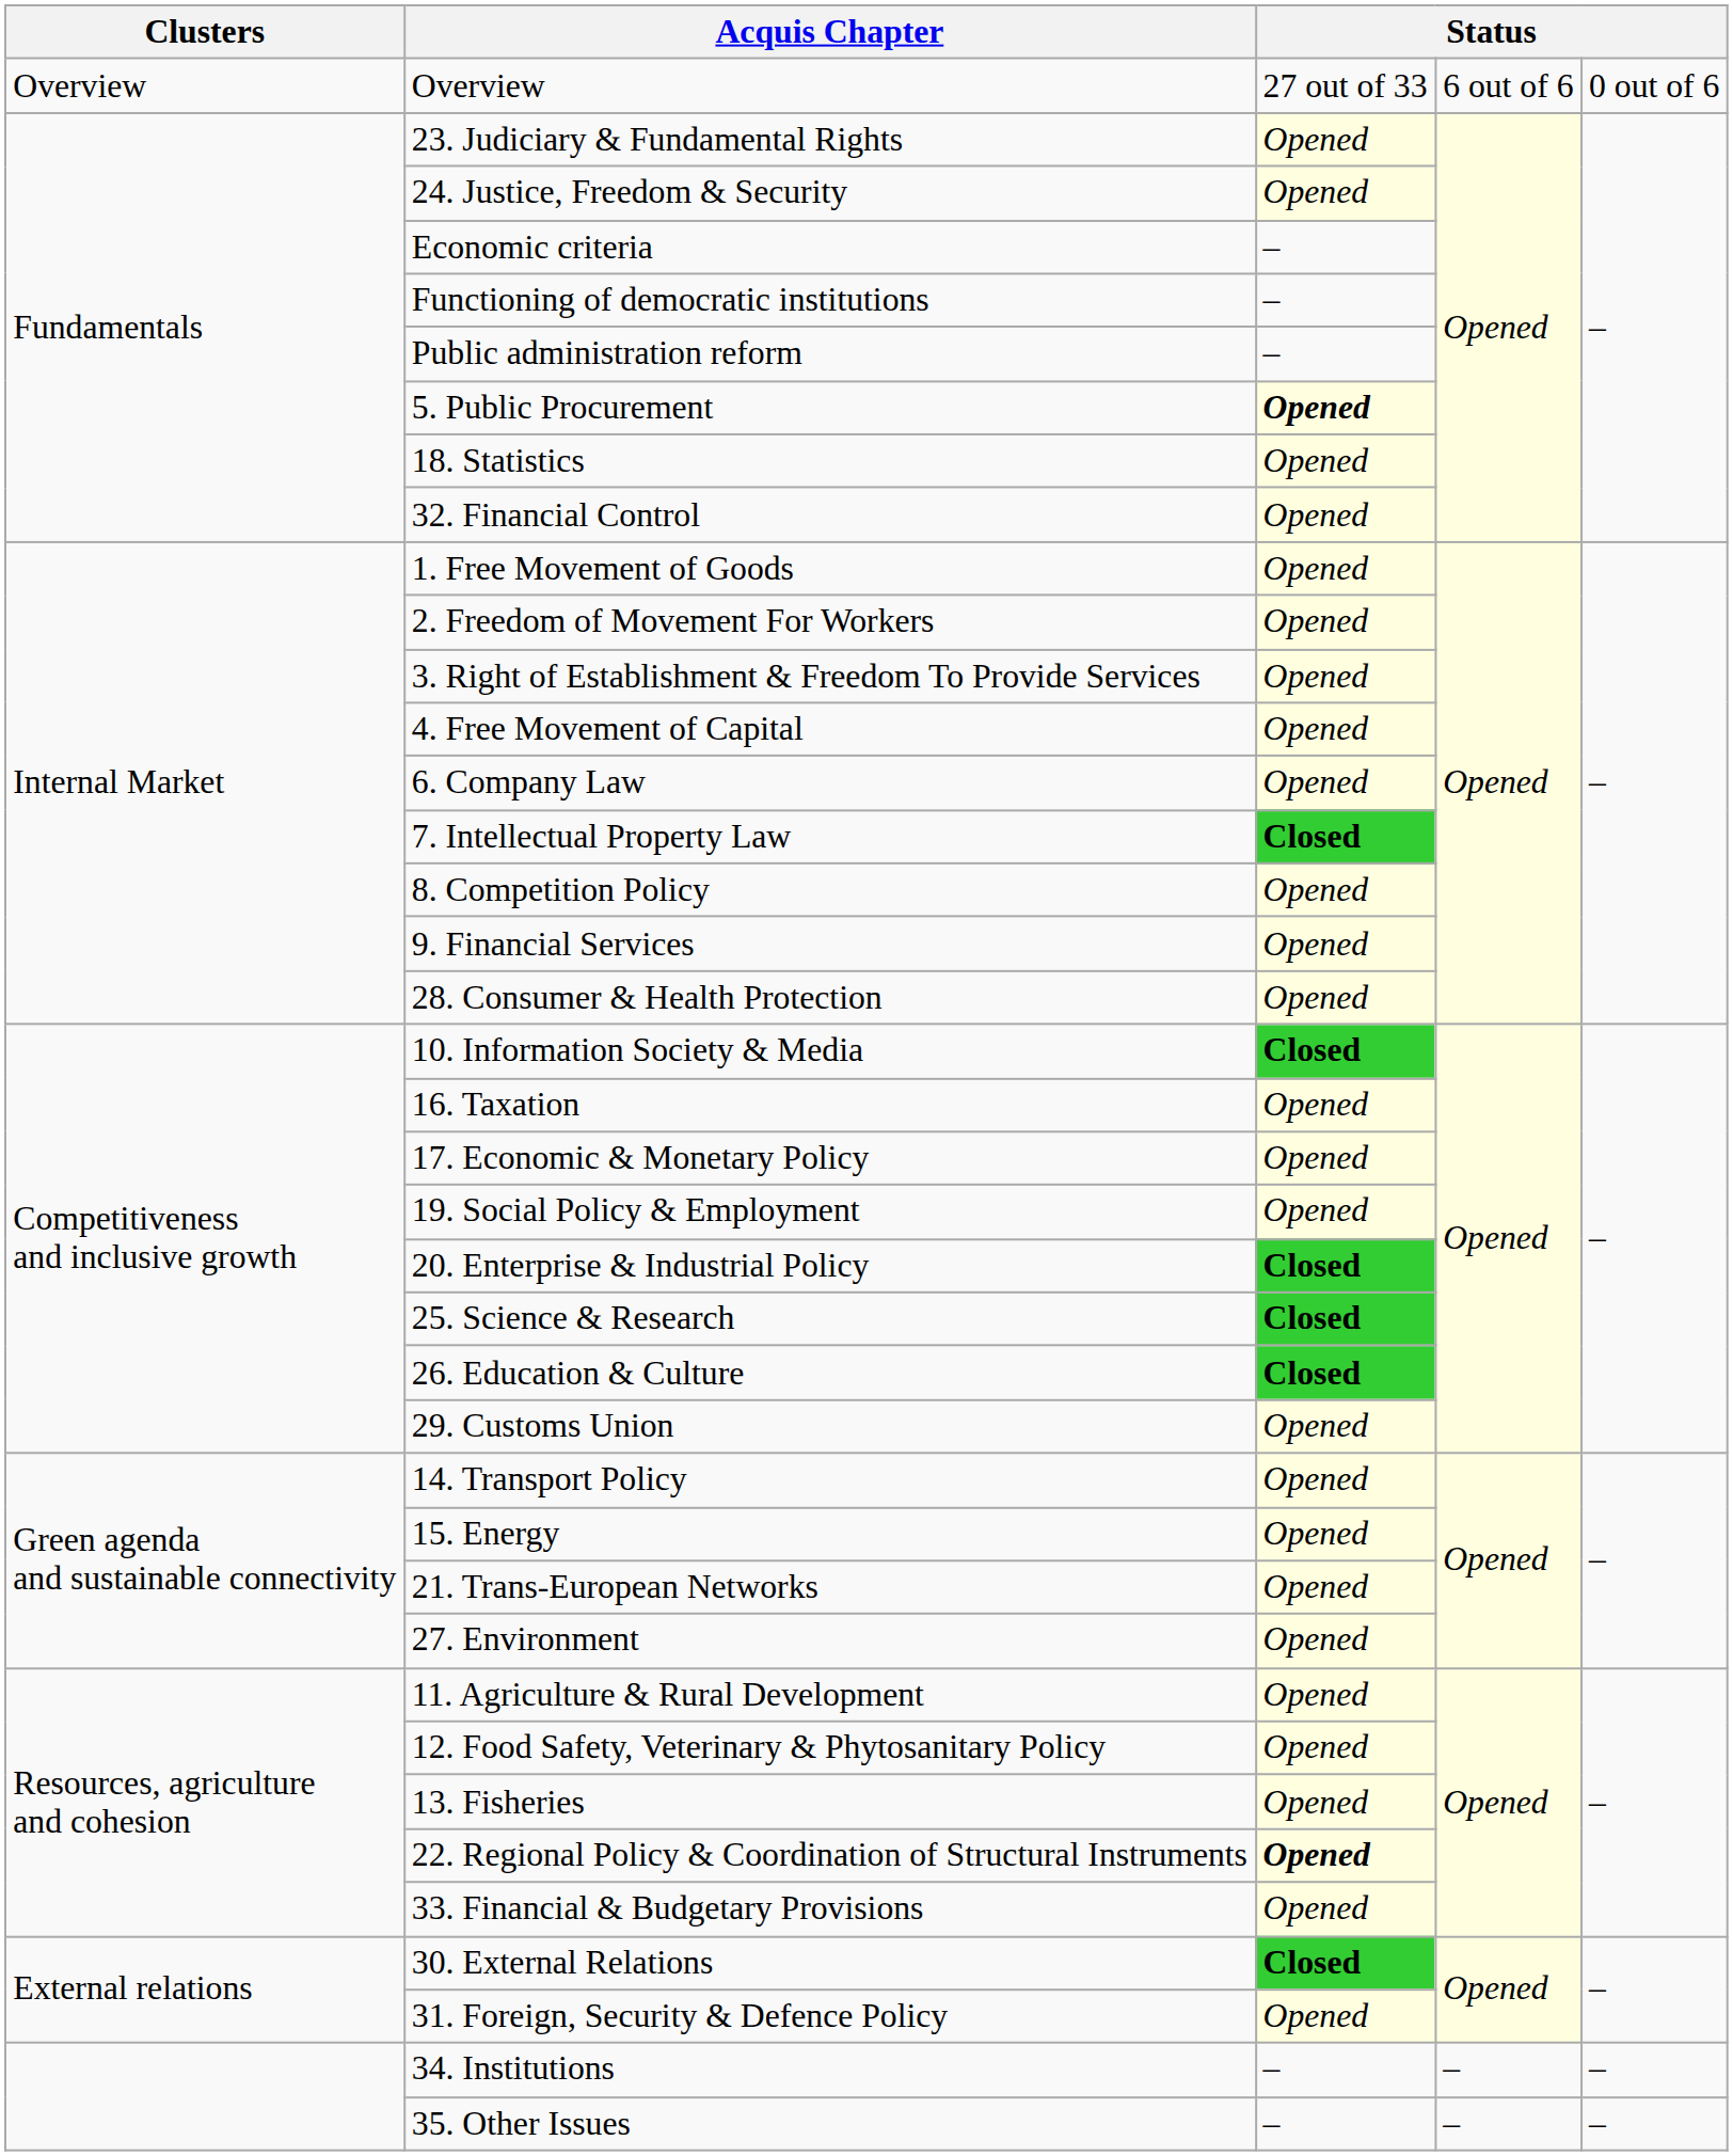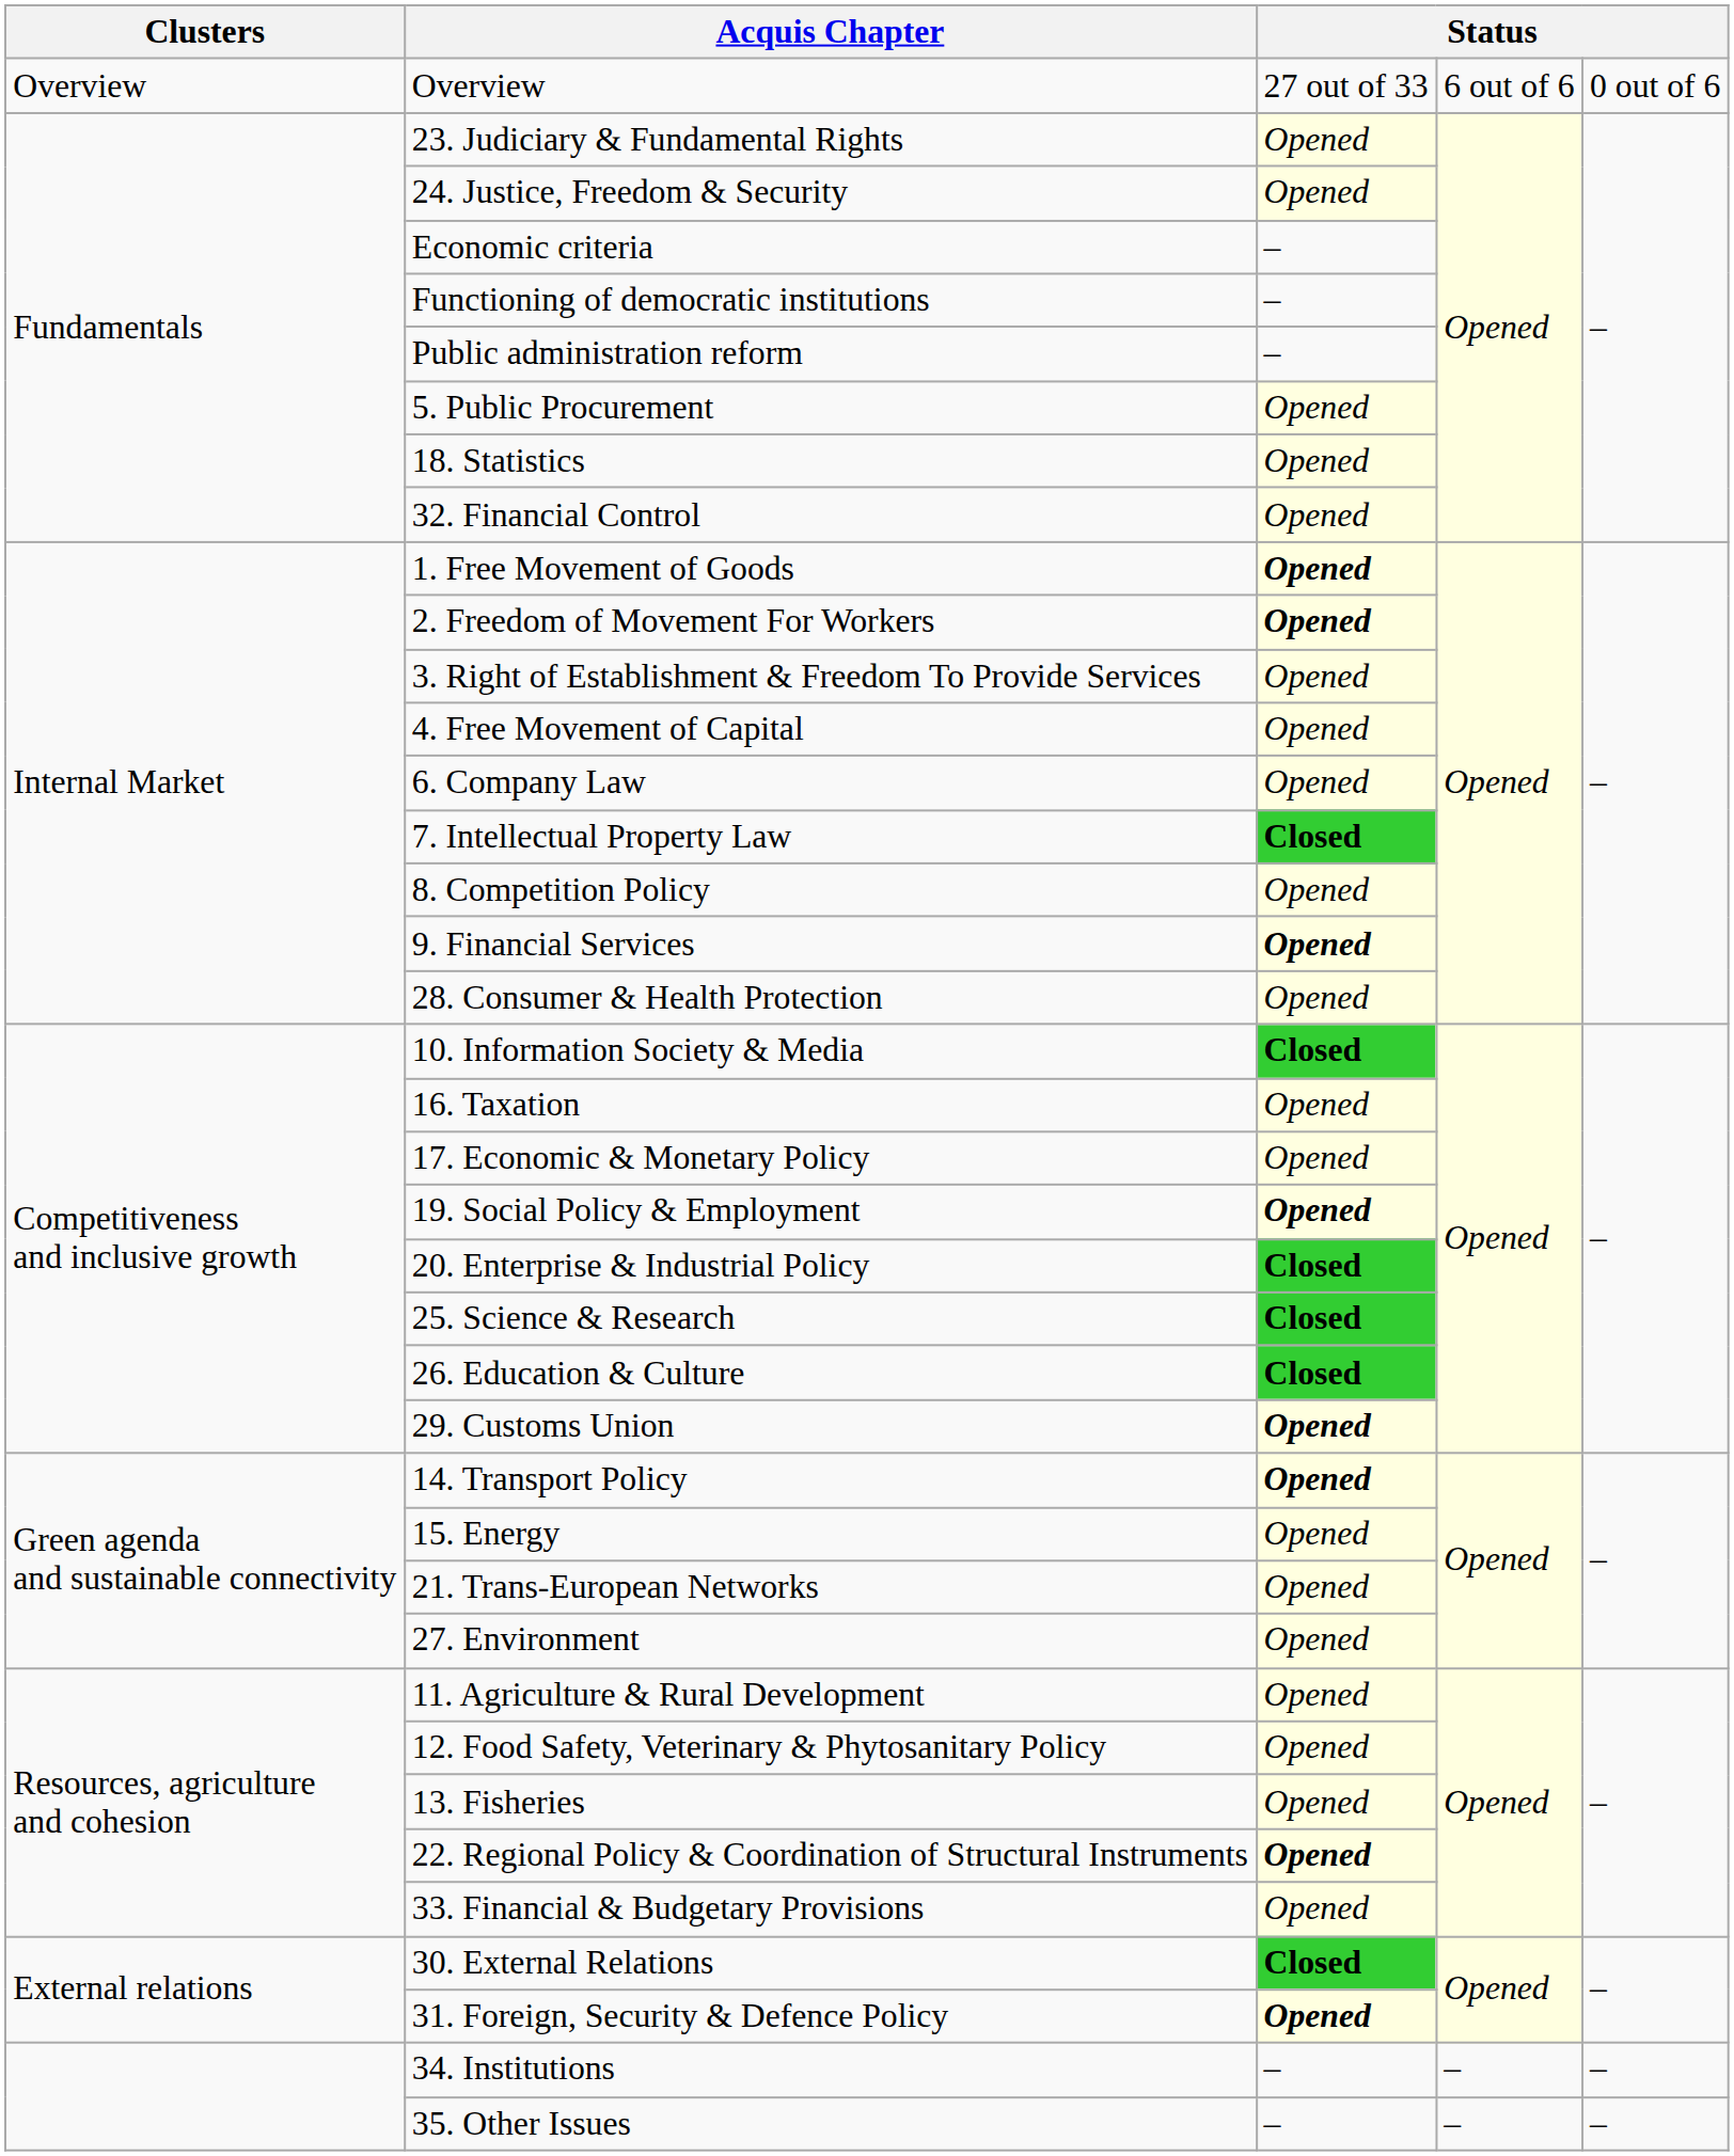 <table class="wikitable mw-collapsible mw-collapsed" style="text-align:left;">
 <tr>
 <th>Clusters</th>
 <th><a href='#'>Acquis Chapter</a></th>
 <th colspan="3">Status</th>
 </tr>
 <tr>
 <td>Overview</td>
 <td>Overview</td>
 <td>27 out of 33</td>
 <td>6 out of 6</td>
 <td>0 out of 6</td>
 </tr>
 <tr>
 <td rowspan="8">Fundamentals</td>
 <td style="text-align:left;">23. Judiciary & Fundamental Rights</td>
 <td style="background:#FFFFE0;"><em>Opened</em></td>
 <td rowspan="8" style="background:#FFFFE0; "><em>Opened</em></td>
 <td rowspan="8">–</td>
 </tr>
 <tr>
 <td style="text-align:left;">24. Justice, Freedom & Security</td>
 <td style="background:#FFFFE0;"><em>Opened</em></td>
 </tr>
 <tr>
 <td>Economic criteria</td>
 <td>–</td>
 </tr>
 <tr>
 <td>Functioning of democratic institutions</td>
 <td>–</td>
 </tr>
 <tr>
 <td>Public administration reform</td>
 <td>–</td>
 </tr>
 <tr>
 <td style="text-align:left;">5. Public Procurement</td>
-<td style="background:#FFFFE0;"><strong><em>Opened</em></strong></td>
+<td style="background:#FFFFE0;"><em>Opened</em></td>
 </tr>
 <tr>
 <td style="text-align:left;">18. Statistics</td>
 <td style="background:#FFFFE0;"><em>Opened</em></td>
 </tr>
 <tr>
 <td style="text-align:left;">32. Financial Control</td>
 <td style="background:#FFFFE0;"><em>Opened</em></td>
 </tr>
 <tr>
 <td rowspan="9">Internal Market</td>
 <td style="text-align:left;">1. Free Movement of Goods</td>
-<td style="background:#FFFFE0;"><em>Opened</em></td>
+<td style="background:#FFFFE0;"><strong><em>Opened</em></strong></td>
 <td rowspan="9" style="background:#FFFFE0;"><em>Opened</em></td>
 <td rowspan="9">–</td>
 </tr>
 <tr>
 <td style="text-align:left;">2. Freedom of Movement For Workers</td>
-<td style="background:#FFFFE0;"><em>Opened</em></td>
+<td style="background:#FFFFE0;"><strong><em>Opened</em></strong></td>
 </tr>
 <tr>
 <td style="text-align:left;">3. Right of Establishment & Freedom To Provide Services</td>
 <td style="background:#FFFFE0;"><em>Opened</em></td>
 </tr>
 <tr>
 <td style="text-align:left;">4. Free Movement of Capital</td>
 <td style="background:#FFFFE0;"><em>Opened</em></td>
 </tr>
 <tr>
 <td style="text-align:left;">6. Company Law</td>
 <td style="background:#FFFFE0;"><em>Opened</em></td>
 </tr>
 <tr>
 <td style="text-align:left;">7. Intellectual Property Law</td>
 <td style="background:#32cd32;"><strong>Closed</strong></td>
 </tr>
 <tr>
 <td style="text-align:left;">8. Competition Policy</td>
 <td style="background:#FFFFE0;"><em>Opened</em></td>
 </tr>
 <tr>
 <td style="text-align:left;">9. Financial Services</td>
-<td style="background:#FFFFE0;"><em>Opened</em></td>
+<td style="background:#FFFFE0;"><strong><em>Opened</em></strong></td>
 </tr>
 <tr>
 <td style="text-align:left;">28. Consumer & Health Protection</td>
 <td style="background:#FFFFE0;"><em>Opened</em></td>
 </tr>
 <tr>
 <td rowspan="8">Competitiveness<br>and inclusive growth</td>
 <td style="text-align:left;">10. Information Society & Media</td>
 <td style="background:#32cd32;"><strong>Closed</strong></td>
 <td rowspan="8" style="background:#FFFFE0;"><em>Opened</em></td>
 <td rowspan="8">–</td>
 </tr>
 <tr>
 <td style="text-align:left;">16. Taxation</td>
 <td style="background:#FFFFE0;"><em>Opened</em></td>
 </tr>
 <tr>
 <td style="text-align:left;">17. Economic & Monetary Policy</td>
 <td style="background:#FFFFE0;"><em>Opened</em></td>
 </tr>
 <tr>
 <td style="text-align:left;">19. Social Policy & Employment</td>
-<td style="background:#FFFFE0;"><em>Opened</em></td>
+<td style="background:#FFFFE0;"><strong><em>Opened</em></strong></td>
 </tr>
 <tr>
 <td style="text-align:left;">20. Enterprise & Industrial Policy</td>
 <td style="background:#32cd32;"><strong>Closed</strong></td>
 </tr>
 <tr>
 <td style="text-align:left;">25. Science & Research</td>
 <td style="background:#32cd32;"><strong>Closed</strong></td>
 </tr>
 <tr>
 <td style="text-align:left;">26. Education & Culture</td>
 <td style="background:#32cd32;"><strong>Closed</strong></td>
 </tr>
 <tr>
 <td style="text-align:left;">29. Customs Union</td>
-<td style="background:#FFFFE0;"><em>Opened</em></td>
+<td style="background:#FFFFE0;"><strong><em>Opened</em></strong></td>
 </tr>
 <tr>
 <td rowspan="4">Green agenda<br>and sustainable connectivity</td>
 <td style="text-align:left;">14. Transport Policy</td>
-<td style="background:#FFFFE0;"><em>Opened</em></td>
+<td style="background:#FFFFE0;"><strong><em>Opened</em></strong></td>
 <td rowspan="4" style="background:#FFFFE0;"><em>Opened</em></td>
 <td rowspan="4">–</td>
 </tr>
 <tr>
 <td style="text-align:left;">15. Energy</td>
 <td style="background:#FFFFE0;"><em>Opened</em></td>
 </tr>
 <tr>
 <td style="text-align:left;">21. Trans-European Networks</td>
 <td style="background:#FFFFE0;"><em>Opened</em></td>
 </tr>
 <tr>
 <td style="text-align:left;">27. Environment</td>
 <td style="background:#FFFFE0;"><em>Opened</em></td>
 </tr>
 <tr>
 <td rowspan="5">Resources, agriculture<br>and cohesion</td>
 <td style="text-align:left;">11. Agriculture & Rural Development</td>
 <td style="background:#FFFFE0;"><em>Opened</em></td>
 <td rowspan="5" style="background:#FFFFE0;"><em>Opened</em></td>
 <td rowspan="5">–</td>
 </tr>
 <tr>
 <td style="text-align:left;">12. Food Safety, Veterinary & Phytosanitary Policy</td>
 <td style="background:#FFFFE0;"><em>Opened</em></td>
 </tr>
 <tr>
 <td style="text-align:left;">13. Fisheries</td>
 <td style="background:#FFFFE0;"><em>Opened</em></td>
 </tr>
 <tr>
 <td style="text-align:left;">22. Regional Policy & Coordination of Structural Instruments</td>
 <td style="background:#FFFFE0;"><strong><em>Opened</em></strong></td>
 </tr>
 <tr>
 <td style="text-align:left;">33. Financial & Budgetary Provisions</td>
 <td style="background:#FFFFE0;"><em>Opened</em></td>
 </tr>
 <tr>
 <td rowspan="2">External relations</td>
 <td style="text-align:left;">30. External Relations</td>
 <td style="background:#32cd32;"><strong>Closed</strong></td>
 <td rowspan="2" style="background:#FFFFE0;"><em>Opened</em></td>
 <td rowspan="2">–</td>
 </tr>
 <tr>
 <td style="text-align:left;">31. Foreign, Security & Defence Policy</td>
-<td style="background:#FFFFE0;"><em>Opened</em></td>
+<td style="background:#FFFFE0;"><strong><em>Opened</em></strong></td>
 </tr>
 <tr>
 <td rowspan="2"></td>
 <td style="text-align:left;">34. Institutions</td>
 <td><em>–</em></td>
 <td>–</td>
 <td>–</td>
 </tr>
 <tr>
 <td style="text-align:left;">35. Other Issues</td>
 <td><em>–</em></td>
 <td>–</td>
 <td>–</td>
 </tr>
 </table>
